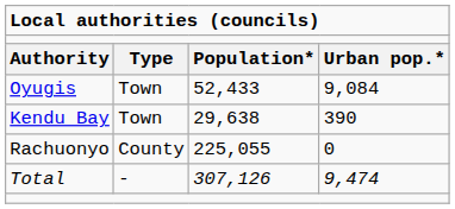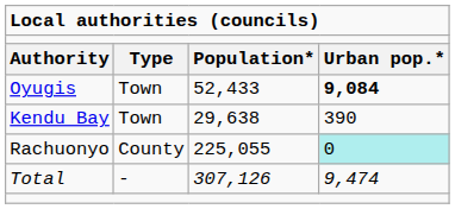 <table class="wikitable">
 <tr>
 <td colspan="4"><strong>Local authorities (councils)</strong></td>
 </tr>
 <tr>
 <td colspan="4"></td>
 </tr>
 <tr>
 <th>Authority</th>
 <th>Type</th>
 <th>Population*</th>
 <th>Urban pop.*</th>
 </tr>
 <tr>
 <td><a href='#'>Oyugis</a></td>
 <td>Town</td>
 <td>52,433</td>
-<td>9,084</td>
+<td><strong>9,084</strong></td>
 </tr>
 <tr>
 <td><a href='#'>Kendu Bay</a></td>
 <td>Town</td>
 <td>29,638</td>
 <td>390</td>
 </tr>
 <tr>
 <td>Rachuonyo</td>
 <td>County</td>
 <td>225,055</td>
-<td>0</td>
+<td style="background: paleturquoise;">0</td>
 </tr>
 <tr>
 <td><em>Total</em></td>
 <td>-</td>
 <td><em>307,126</em></td>
 <td><em>9,474</em></td>
 </tr>
 <tr>
 <td colspan="4"></td>
 </tr>
 </table>
